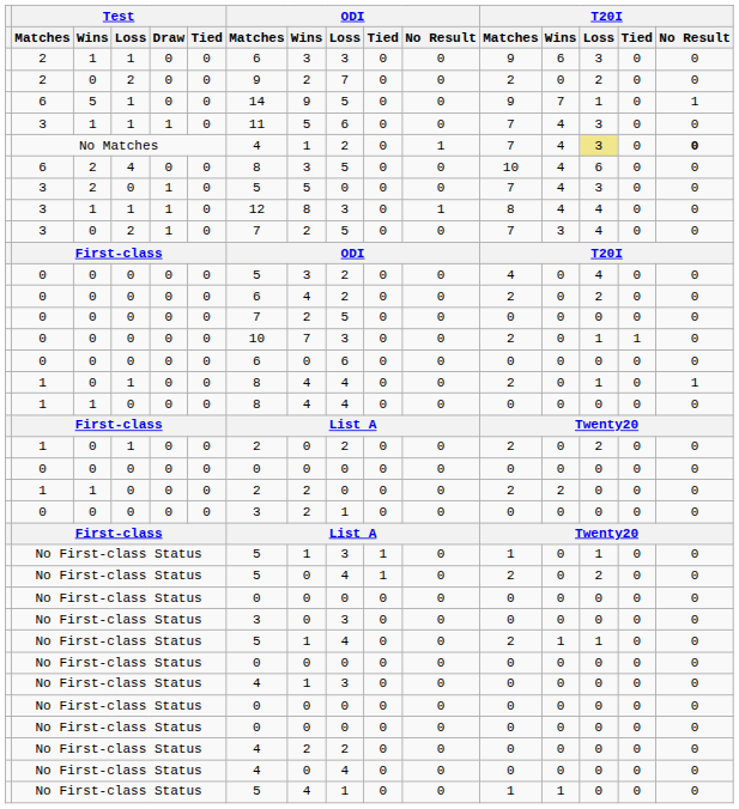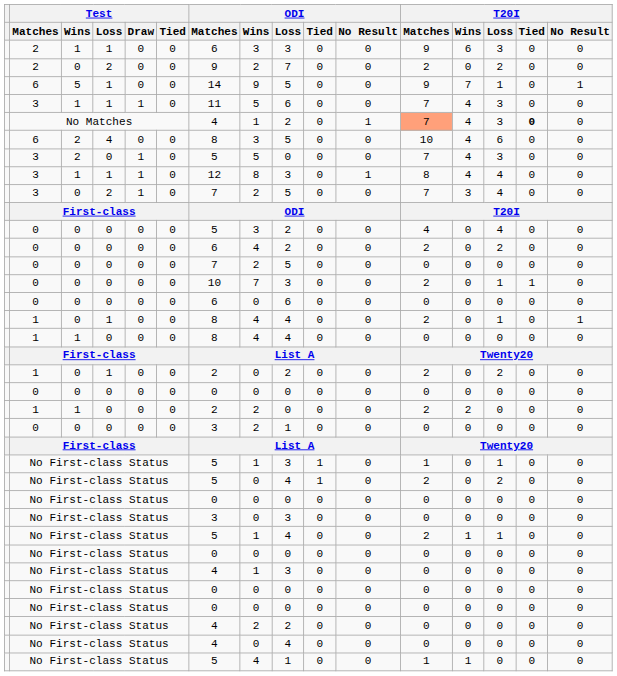 <table class="wikitable" style="text-align:center">
 <tr>
 <th></th>
 <th colspan=5!><a href='#'>Test</a></th>
 <th colspan=5!><a href='#'>ODI</a></th>
 <th colspan=5!><a href='#'>T20I</a></th>
 </tr>
 <tr>
 <th></th>
 <th>Matches</th>
 <th>Wins</th>
 <th>Loss</th>
 <th>Draw</th>
 <th>Tied</th>
 <th>Matches</th>
 <th>Wins</th>
 <th>Loss</th>
 <th>Tied</th>
 <th>No Result</th>
 <th>Matches</th>
 <th>Wins</th>
 <th>Loss</th>
 <th>Tied</th>
 <th>No Result</th>
 </tr>
 <tr>
 <td align="left"></td>
 <td>2</td>
 <td>1</td>
 <td>1</td>
 <td>0</td>
 <td>0</td>
 <td>6</td>
 <td>3</td>
 <td>3</td>
 <td>0</td>
 <td>0</td>
 <td>9</td>
 <td>6</td>
 <td>3</td>
 <td>0</td>
 <td>0</td>
 </tr>
 <tr>
 <td align="left"></td>
 <td>2</td>
 <td>0</td>
 <td>2</td>
 <td>0</td>
 <td>0</td>
 <td>9</td>
 <td>2</td>
 <td>7</td>
 <td>0</td>
 <td>0</td>
 <td>2</td>
 <td>0</td>
 <td>2</td>
 <td>0</td>
 <td>0</td>
 </tr>
 <tr>
 <td align="left"></td>
 <td>6</td>
 <td>5</td>
 <td>1</td>
 <td>0</td>
 <td>0</td>
 <td>14</td>
 <td>9</td>
 <td>5</td>
 <td>0</td>
 <td>0</td>
 <td>9</td>
 <td>7</td>
 <td>1</td>
 <td>0</td>
 <td>1</td>
 </tr>
 <tr>
 <td align="left"></td>
 <td>3</td>
 <td>1</td>
 <td>1</td>
 <td>1</td>
 <td>0</td>
 <td>11</td>
 <td>5</td>
 <td>6</td>
 <td>0</td>
 <td>0</td>
 <td>7</td>
 <td>4</td>
 <td>3</td>
 <td>0</td>
 <td>0</td>
 </tr>
 <tr>
 <td align="left"></td>
 <td colspan=5>No Matches</td>
 <td>4</td>
 <td>1</td>
 <td>2</td>
 <td>0</td>
 <td>1</td>
-<td>7</td>
+<td style="background: lightsalmon;">7</td>
 <td>4</td>
-<td style="background: khaki;">3</td>
+<td>3</td>
+<td><strong>0</strong></td>
 <td>0</td>
-<td><strong>0</strong></td>
 </tr>
 <tr>
 <td align="left"></td>
 <td>6</td>
 <td>2</td>
 <td>4</td>
 <td>0</td>
 <td>0</td>
 <td>8</td>
 <td>3</td>
 <td>5</td>
 <td>0</td>
 <td>0</td>
 <td>10</td>
 <td>4</td>
 <td>6</td>
 <td>0</td>
 <td>0</td>
 </tr>
 <tr>
 <td align="left"></td>
 <td>3</td>
 <td>2</td>
 <td>0</td>
 <td>1</td>
 <td>0</td>
 <td>5</td>
 <td>5</td>
 <td>0</td>
 <td>0</td>
 <td>0</td>
 <td>7</td>
 <td>4</td>
 <td>3</td>
 <td>0</td>
 <td>0</td>
 </tr>
 <tr>
 <td align="left"></td>
 <td>3</td>
 <td>1</td>
 <td>1</td>
 <td>1</td>
 <td>0</td>
 <td>12</td>
 <td>8</td>
 <td>3</td>
 <td>0</td>
 <td>1</td>
 <td>8</td>
 <td>4</td>
 <td>4</td>
 <td>0</td>
 <td>0</td>
 </tr>
 <tr>
 <td align="left"></td>
 <td>3</td>
 <td>0</td>
 <td>2</td>
 <td>1</td>
 <td>0</td>
 <td>7</td>
 <td>2</td>
 <td>5</td>
 <td>0</td>
 <td>0</td>
 <td>7</td>
 <td>3</td>
 <td>4</td>
 <td>0</td>
 <td>0</td>
 </tr>
 <tr>
 <th></th>
 <th colspan=5!><a href='#'>First-class</a></th>
 <th colspan=5!><a href='#'>ODI</a></th>
 <th colspan=5!><a href='#'>T20I</a></th>
 </tr>
 <tr>
 <td align="left"></td>
 <td>0</td>
 <td>0</td>
 <td>0</td>
 <td>0</td>
 <td>0</td>
 <td>5</td>
 <td>3</td>
 <td>2</td>
 <td>0</td>
 <td>0</td>
 <td>4</td>
 <td>0</td>
 <td>4</td>
 <td>0</td>
 <td>0</td>
 </tr>
 <tr>
 <td align="left"></td>
 <td>0</td>
 <td>0</td>
 <td>0</td>
 <td>0</td>
 <td>0</td>
 <td>6</td>
 <td>4</td>
 <td>2</td>
 <td>0</td>
 <td>0</td>
 <td>2</td>
 <td>0</td>
 <td>2</td>
 <td>0</td>
 <td>0</td>
 </tr>
 <tr>
 <td align="left"></td>
 <td>0</td>
 <td>0</td>
 <td>0</td>
 <td>0</td>
 <td>0</td>
 <td>7</td>
 <td>2</td>
 <td>5</td>
 <td>0</td>
 <td>0</td>
 <td>0</td>
 <td>0</td>
 <td>0</td>
 <td>0</td>
 <td>0</td>
 </tr>
 <tr>
 <td align="left"></td>
 <td>0</td>
 <td>0</td>
 <td>0</td>
 <td>0</td>
 <td>0</td>
 <td>10</td>
 <td>7</td>
 <td>3</td>
 <td>0</td>
 <td>0</td>
 <td>2</td>
 <td>0</td>
 <td>1</td>
 <td>1</td>
 <td>0</td>
 </tr>
 <tr>
 <td align="left"></td>
 <td>0</td>
 <td>0</td>
 <td>0</td>
 <td>0</td>
 <td>0</td>
 <td>6</td>
 <td>0</td>
 <td>6</td>
 <td>0</td>
 <td>0</td>
 <td>0</td>
 <td>0</td>
 <td>0</td>
 <td>0</td>
 <td>0</td>
 </tr>
 <tr>
 <td align="left"></td>
 <td>1</td>
 <td>0</td>
 <td>1</td>
 <td>0</td>
 <td>0</td>
 <td>8</td>
 <td>4</td>
 <td>4</td>
 <td>0</td>
 <td>0</td>
 <td>2</td>
 <td>0</td>
 <td>1</td>
 <td>0</td>
 <td>1</td>
 </tr>
 <tr>
 <td align="left"></td>
 <td>1</td>
 <td>1</td>
 <td>0</td>
 <td>0</td>
 <td>0</td>
 <td>8</td>
 <td>4</td>
 <td>4</td>
 <td>0</td>
 <td>0</td>
 <td>0</td>
 <td>0</td>
 <td>0</td>
 <td>0</td>
 <td>0</td>
 </tr>
 <tr>
 <th></th>
 <th colspan=5!><a href='#'>First-class</a></th>
 <th colspan=5!><a href='#'>List A</a></th>
 <th colspan=5!><a href='#'>Twenty20</a></th>
 </tr>
 <tr>
 <td align="left"></td>
 <td>1</td>
 <td>0</td>
 <td>1</td>
 <td>0</td>
 <td>0</td>
 <td>2</td>
 <td>0</td>
 <td>2</td>
 <td>0</td>
 <td>0</td>
 <td>2</td>
 <td>0</td>
 <td>2</td>
 <td>0</td>
 <td>0</td>
 </tr>
 <tr>
 <td align="left"></td>
 <td>0</td>
 <td>0</td>
 <td>0</td>
 <td>0</td>
 <td>0</td>
 <td>0</td>
 <td>0</td>
 <td>0</td>
 <td>0</td>
 <td>0</td>
 <td>0</td>
 <td>0</td>
 <td>0</td>
 <td>0</td>
 <td>0</td>
 </tr>
 <tr>
 <td align="left"></td>
 <td>1</td>
 <td>1</td>
 <td>0</td>
 <td>0</td>
 <td>0</td>
 <td>2</td>
 <td>2</td>
 <td>0</td>
 <td>0</td>
 <td>0</td>
 <td>2</td>
 <td>2</td>
 <td>0</td>
 <td>0</td>
 <td>0</td>
 </tr>
 <tr>
 <td align="left"></td>
 <td>0</td>
 <td>0</td>
 <td>0</td>
 <td>0</td>
 <td>0</td>
 <td>3</td>
 <td>2</td>
 <td>1</td>
 <td>0</td>
 <td>0</td>
 <td>0</td>
 <td>0</td>
 <td>0</td>
 <td>0</td>
 <td>0</td>
 </tr>
 <tr>
 <th></th>
 <th colspan=5!><a href='#'>First-class</a></th>
 <th colspan=5!><a href='#'>List A</a></th>
 <th colspan=5!><a href='#'>Twenty20</a></th>
 </tr>
 <tr>
 <td align="left"></td>
 <td colspan=5>No First-class Status</td>
 <td>5</td>
 <td>1</td>
 <td>3</td>
 <td>1</td>
 <td>0</td>
 <td>1</td>
 <td>0</td>
 <td>1</td>
 <td>0</td>
 <td>0</td>
 </tr>
 <tr>
 <td align="left"></td>
 <td colspan=5>No First-class Status</td>
 <td>5</td>
 <td>0</td>
 <td>4</td>
 <td>1</td>
 <td>0</td>
 <td>2</td>
 <td>0</td>
 <td>2</td>
 <td>0</td>
 <td>0</td>
 </tr>
 <tr>
 <td align="left"></td>
 <td colspan=5>No First-class Status</td>
 <td>0</td>
 <td>0</td>
 <td>0</td>
 <td>0</td>
 <td>0</td>
 <td>0</td>
 <td>0</td>
 <td>0</td>
 <td>0</td>
 <td>0</td>
 </tr>
 <tr>
 <td align="left"></td>
 <td colspan=5>No First-class Status</td>
 <td>3</td>
 <td>0</td>
 <td>3</td>
 <td>0</td>
 <td>0</td>
 <td>0</td>
 <td>0</td>
 <td>0</td>
 <td>0</td>
 <td>0</td>
 </tr>
 <tr>
 <td align="left"></td>
 <td colspan=5>No First-class Status</td>
 <td>5</td>
 <td>1</td>
 <td>4</td>
 <td>0</td>
 <td>0</td>
 <td>2</td>
 <td>1</td>
 <td>1</td>
 <td>0</td>
 <td>0</td>
 </tr>
 <tr>
 <td align="left"></td>
 <td colspan=5>No First-class Status</td>
 <td>0</td>
 <td>0</td>
 <td>0</td>
 <td>0</td>
 <td>0</td>
 <td>0</td>
 <td>0</td>
 <td>0</td>
 <td>0</td>
 <td>0</td>
 </tr>
 <tr>
 <td align="left"></td>
 <td colspan=5>No First-class Status</td>
 <td>4</td>
 <td>1</td>
 <td>3</td>
 <td>0</td>
 <td>0</td>
 <td>0</td>
 <td>0</td>
 <td>0</td>
 <td>0</td>
 <td>0</td>
 </tr>
 <tr>
 <td align="left"></td>
 <td colspan=5>No First-class Status</td>
 <td>0</td>
 <td>0</td>
 <td>0</td>
 <td>0</td>
 <td>0</td>
 <td>0</td>
 <td>0</td>
 <td>0</td>
 <td>0</td>
 <td>0</td>
 </tr>
 <tr>
 <td align="left"></td>
 <td colspan=5>No First-class Status</td>
 <td>0</td>
 <td>0</td>
 <td>0</td>
 <td>0</td>
 <td>0</td>
 <td>0</td>
 <td>0</td>
 <td>0</td>
 <td>0</td>
 <td>0</td>
 </tr>
 <tr>
 <td align="left"></td>
 <td colspan=5>No First-class Status</td>
 <td>4</td>
 <td>2</td>
 <td>2</td>
 <td>0</td>
 <td>0</td>
 <td>0</td>
 <td>0</td>
 <td>0</td>
 <td>0</td>
 <td>0</td>
 </tr>
 <tr>
 <td align="left"></td>
 <td colspan=5>No First-class Status</td>
 <td>4</td>
 <td>0</td>
 <td>4</td>
 <td>0</td>
 <td>0</td>
 <td>0</td>
 <td>0</td>
 <td>0</td>
 <td>0</td>
 <td>0</td>
 </tr>
 <tr>
 <td align="left"></td>
 <td colspan=5>No First-class Status</td>
 <td>5</td>
 <td>4</td>
 <td>1</td>
 <td>0</td>
 <td>0</td>
 <td>1</td>
 <td>1</td>
 <td>0</td>
 <td>0</td>
 <td>0</td>
 </tr>
 </table>
